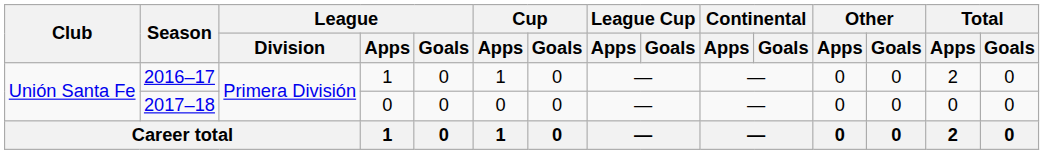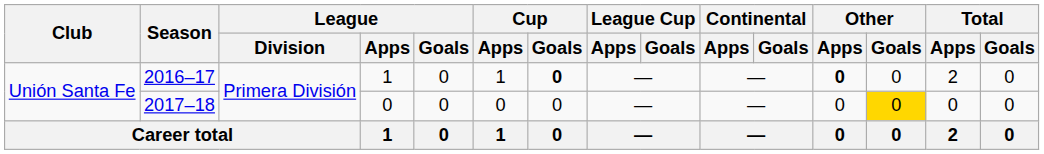 <table class="wikitable" style="text-align:center">
 <tr>
 <th rowspan="2">Club</th>
 <th rowspan="2">Season</th>
 <th colspan="3">League</th>
 <th colspan="2">Cup</th>
 <th colspan="2">League Cup</th>
 <th colspan="2">Continental</th>
 <th colspan="2">Other</th>
 <th colspan="2">Total</th>
 </tr>
 <tr>
 <th>Division</th>
 <th>Apps</th>
 <th>Goals</th>
 <th>Apps</th>
 <th>Goals</th>
 <th>Apps</th>
 <th>Goals</th>
 <th>Apps</th>
 <th>Goals</th>
 <th>Apps</th>
 <th>Goals</th>
 <th>Apps</th>
 <th>Goals</th>
 </tr>
 <tr>
 <td rowspan="2"><a href='#'>Unión Santa Fe</a></td>
 <td><a href='#'>2016–17</a></td>
 <td rowspan="2"><a href='#'>Primera División</a></td>
 <td>1</td>
 <td>0</td>
 <td>1</td>
-<td>0</td>
+<td><strong>0</strong></td>
 <td colspan="2">—</td>
 <td colspan="2">—</td>
-<td>0</td>
+<td><strong>0</strong></td>
 <td>0</td>
 <td>2</td>
 <td>0</td>
 </tr>
 <tr>
 <td><a href='#'>2017–18</a></td>
 <td>0</td>
 <td>0</td>
 <td>0</td>
 <td>0</td>
 <td colspan="2">—</td>
 <td colspan="2">—</td>
 <td>0</td>
-<td>0</td>
+<td style="background: gold;">0</td>
 <td>0</td>
 <td>0</td>
 </tr>
 <tr>
 <th colspan="3">Career total</th>
 <th>1</th>
 <th>0</th>
 <th>1</th>
 <th>0</th>
 <th colspan="2">—</th>
 <th colspan="2">—</th>
 <th>0</th>
 <th>0</th>
 <th>2</th>
 <th>0</th>
 </tr>
 </table>
